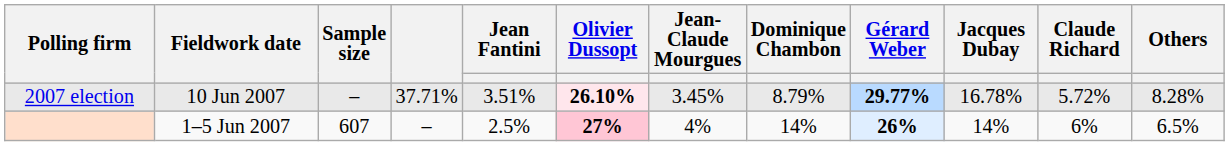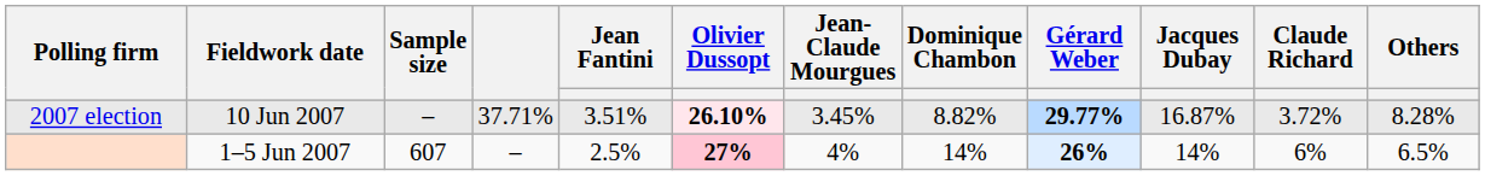 <table class="wikitable sortable" style="text-align:center;font-size:90%;line-height:14px;">
 <tr style="height:40px;">
 <th style="width:100px;" rowspan="2">Polling firm</th>
 <th style="width:110px;" rowspan="2">Fieldwork date</th>
 <th style="width:35px;" rowspan="2">Sample<br>size</th>
 <th style="width:30px;" rowspan="2"></th>
 <th class="unsortable" style="width:60px;">Jean Fantini<br></th>
 <th class="unsortable" style="width:60px;"><a href='#'>Olivier Dussopt</a><br></th>
 <th class="unsortable" style="width:60px;">Jean-Claude Mourgues<br></th>
 <th class="unsortable" style="width:60px;">Dominique Chambon<br></th>
 <th class="unsortable" style="width:60px;"><a href='#'>Gérard Weber</a><br></th>
 <th class="unsortable" style="width:60px;">Jacques Dubay<br></th>
 <th class="unsortable" style="width:60px;">Claude Richard<br></th>
 <th class="unsortable" style="width:60px;">Others</th>
 </tr>
 <tr>
 <th style="background:"></th>
 <th style="background:"></th>
 <th style="background:"></th>
 <th style="background:"></th>
 <th style="background:"></th>
 <th style="background:"></th>
 <th style="background:"></th>
 <th style="background:"></th>
 </tr>
 <tr style="background:#E9E9E9;">
 <td><a href='#'>2007 election</a></td>
 <td data-sort-value="2007-06-10">10 Jun 2007</td>
 <td>–</td>
 <td>37.71%</td>
 <td>3.51%</td>
 <td style="background:#FFE6EC;"><strong>26.10%</strong></td>
 <td>3.45%</td>
-<td>8.79%</td>
+<td>8.82%</td>
 <td style="background:#B9DAFF;"><strong>29.77%</strong></td>
-<td>16.78%</td>
-<td>5.72%</td>
+<td>16.87%</td>
+<td>3.72%</td>
 <td>8.28%</td>
 </tr>
 <tr>
 <td style="background:#FFDFCC;"></td>
 <td data-sort-value="2007-06-05">1–5 Jun 2007</td>
 <td>607</td>
 <td>–</td>
 <td>2.5%</td>
 <td style="background:#FFC6D5;"><strong>27%</strong></td>
 <td>4%</td>
 <td>14%</td>
 <td style="background:#DFEEFF;"><strong>26%</strong></td>
 <td>14%</td>
 <td>6%</td>
 <td>6.5%</td>
 </tr>
 </table>
